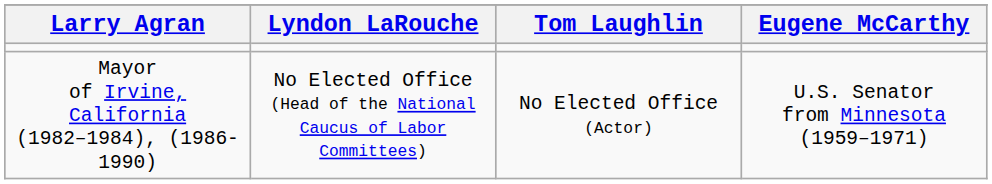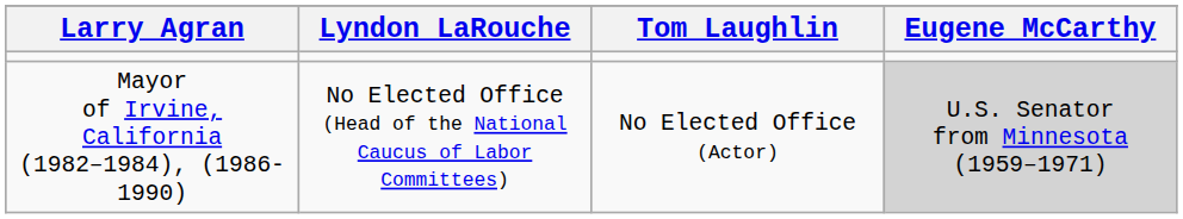 <table class="wikitable" style="font-size:90%;">
 <tr>
 </tr>
 <tr style="text-align:center">
 <th scope="col" style="width:10em; font-size:120%;"><a href='#'>Larry Agran</a></th>
 <th scope="col" style="width:10em; font-size:120%;"><a href='#'>Lyndon LaRouche</a></th>
 <th scope="col" style="width:10em; font-size:120%;"><a href='#'>Tom Laughlin</a></th>
 <th scope="col" style="width:10em; font-size:120%;"><a href='#'>Eugene McCarthy</a></th>
 </tr>
 <tr style="text-align:center">
 <td></td>
 <td></td>
 <td></td>
 <td></td>
 </tr>
 <tr style="text-align:center">
 <td>Mayor<br>of <a href='#'>Irvine, California</a><br>(1982–1984), (1986-1990)</td>
 <td>No Elected Office<br><small>(Head of the <a href='#'>National Caucus of Labor Committees</a>)</small></td>
 <td>No Elected Office<br><small>(Actor)</small></td>
-<td>U.S. Senator<br>from <a href='#'>Minnesota</a><br>(1959–1971)</td>
+<td style="background: lightgrey;">U.S. Senator<br>from <a href='#'>Minnesota</a><br>(1959–1971)</td>
 </tr>
 </table>
